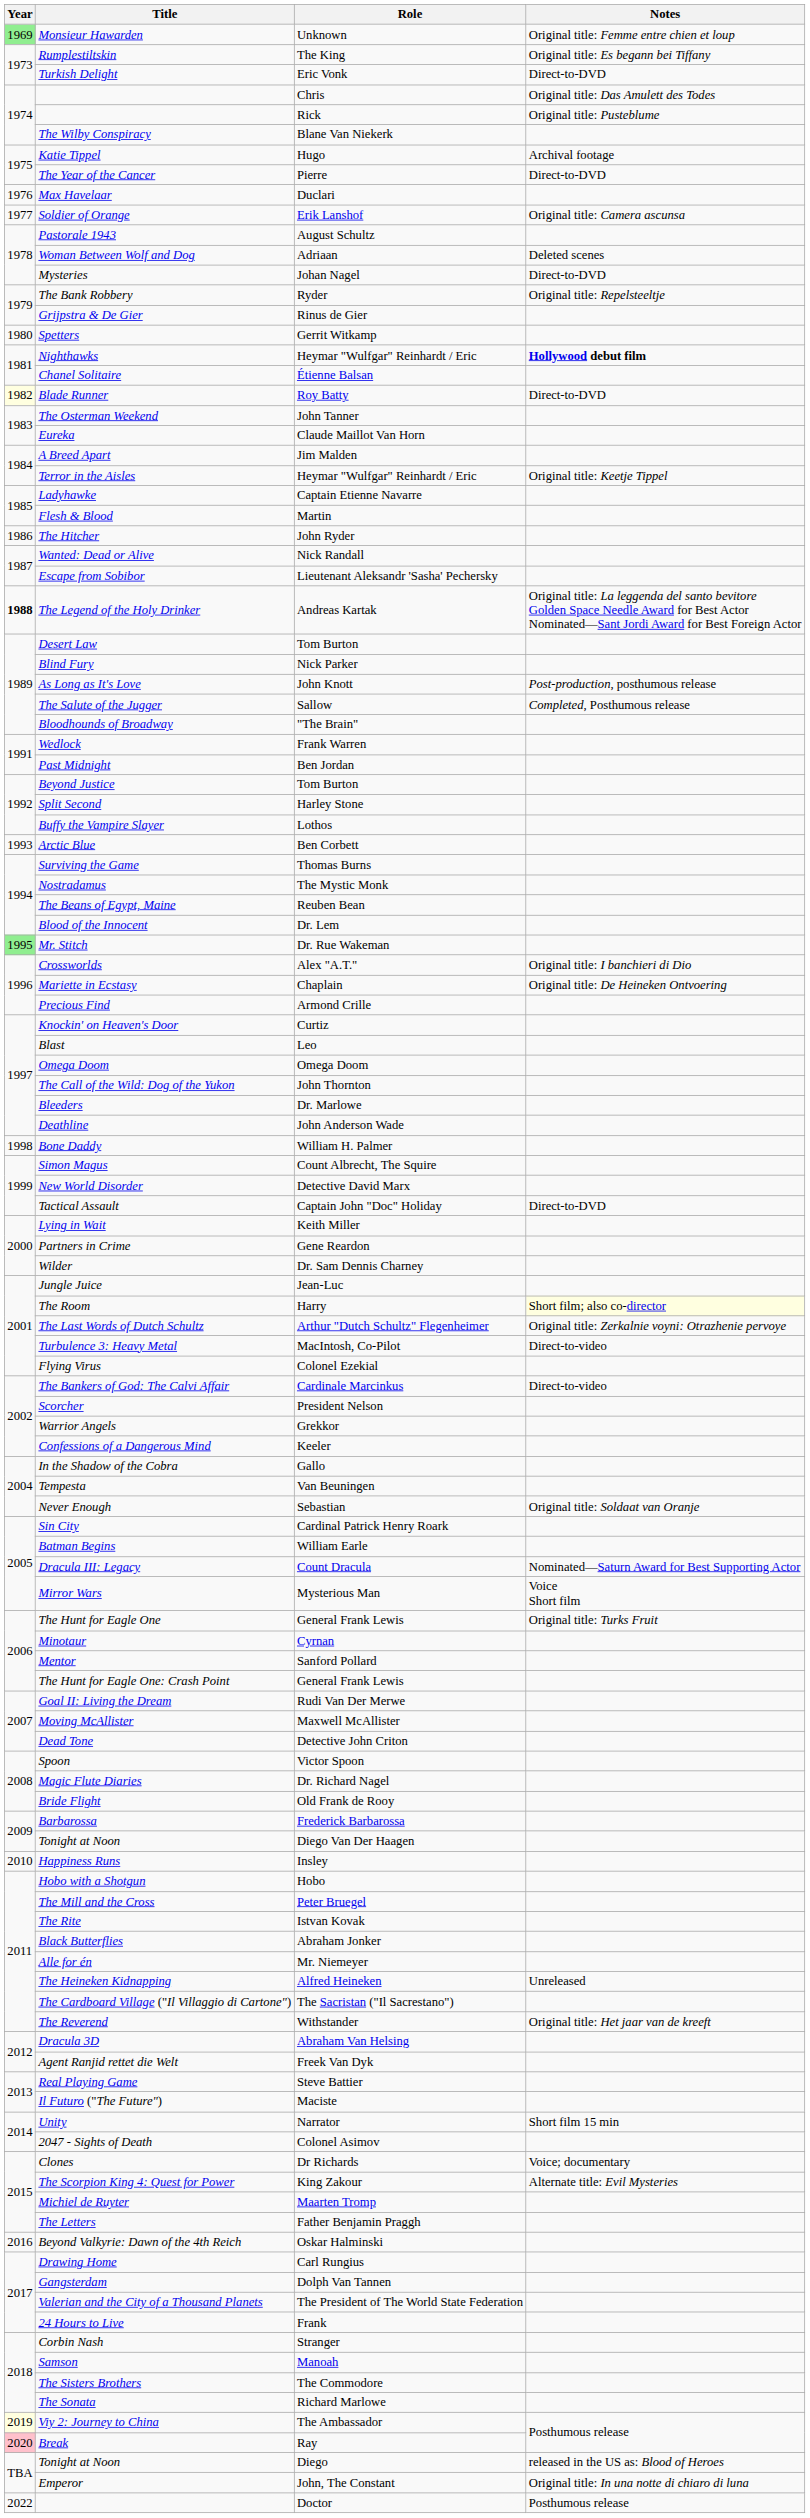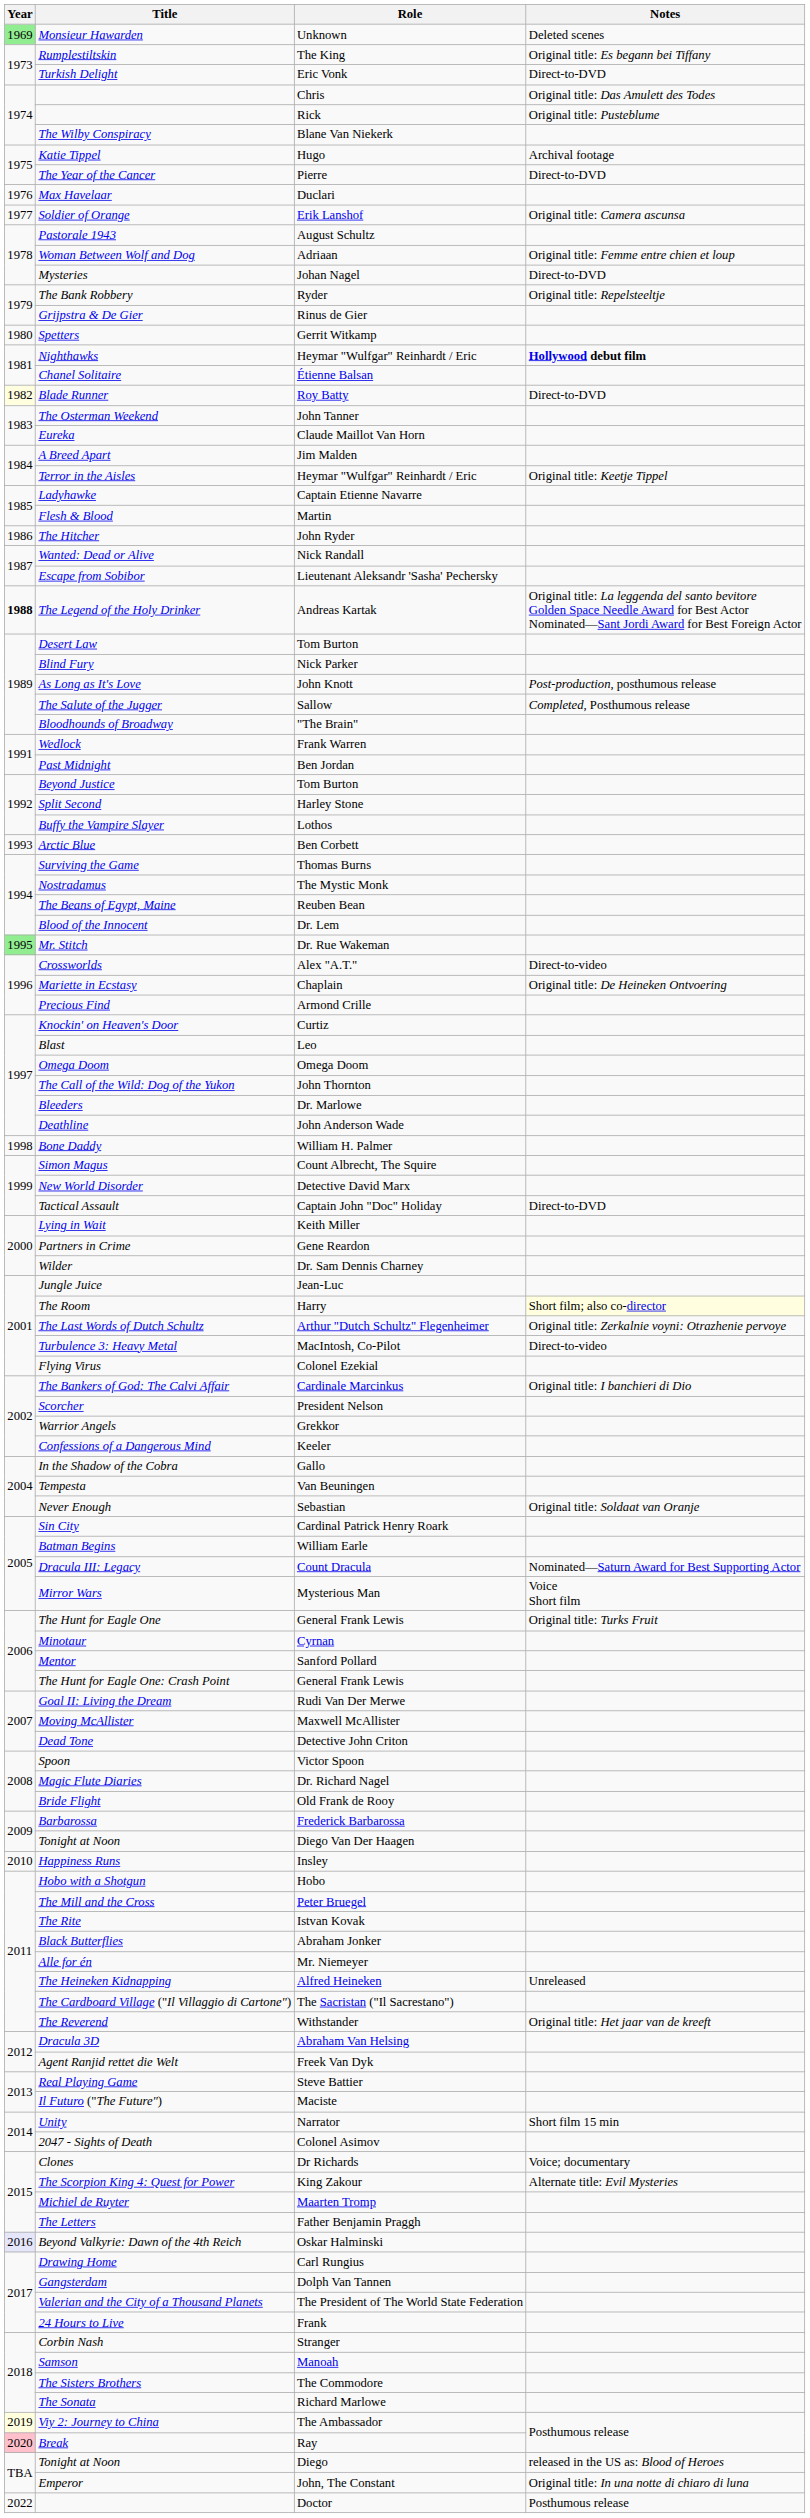 <table class="wikitable sortable">
 <tr>
 <th>Year</th>
 <th>Title</th>
 <th>Role</th>
 <th>Notes</th>
 </tr>
 <tr>
 <td style="background: lightgreen;">1969</td>
 <td><em><a href='#'>Monsieur Hawarden</a></em></td>
 <td>Unknown</td>
-<td>Original title: <em>Femme entre chien et loup</em></td>
+<td>Deleted scenes</td>
 </tr>
 <tr>
 <td rowspan="2">1973</td>
 <td><em><a href='#'>Rumplestiltskin</a></em></td>
 <td>The King</td>
 <td>Original title: <em>Es begann bei Tiffany</em></td>
 </tr>
 <tr>
 <td><em><a href='#'>Turkish Delight</a></em></td>
 <td>Eric Vonk</td>
 <td>Direct-to-DVD</td>
 </tr>
 <tr>
 <td rowspan="3">1974</td>
 <td><em></em></td>
 <td>Chris</td>
 <td>Original title: <em>Das Amulett des Todes</em></td>
 </tr>
 <tr>
 <td><em></em></td>
 <td>Rick</td>
 <td>Original title: <em>Pusteblume</em></td>
 </tr>
 <tr>
 <td><em><a href='#'>The Wilby Conspiracy</a></em></td>
 <td>Blane Van Niekerk</td>
 <td></td>
 </tr>
 <tr>
 <td rowspan="2">1975</td>
 <td><em><a href='#'>Katie Tippel</a></em></td>
 <td>Hugo</td>
 <td>Archival footage</td>
 </tr>
 <tr>
 <td><em><a href='#'>The Year of the Cancer</a></em></td>
 <td>Pierre</td>
 <td>Direct-to-DVD</td>
 </tr>
 <tr>
 <td>1976</td>
 <td><em><a href='#'>Max Havelaar</a></em></td>
 <td>Duclari</td>
 <td></td>
 </tr>
 <tr>
 <td>1977</td>
 <td><em><a href='#'>Soldier of Orange</a></em></td>
 <td><a href='#'>Erik Lanshof</a></td>
 <td>Original title: <em>Camera ascunsa</em></td>
 </tr>
 <tr>
 <td rowspan="3">1978</td>
 <td><em><a href='#'>Pastorale 1943</a></em></td>
 <td>August Schultz</td>
 <td></td>
 </tr>
 <tr>
 <td><em><a href='#'>Woman Between Wolf and Dog</a></em></td>
 <td>Adriaan</td>
-<td>Deleted scenes</td>
+<td>Original title: <em>Femme entre chien et loup</em></td>
 </tr>
 <tr>
 <td><em>Mysteries</em></td>
 <td>Johan Nagel</td>
 <td>Direct-to-DVD</td>
 </tr>
 <tr>
 <td rowspan="2">1979</td>
 <td><em>The Bank Robbery</em></td>
 <td>Ryder</td>
 <td>Original title: <em>Repelsteeltje</em></td>
 </tr>
 <tr>
 <td><em><a href='#'>Grijpstra & De Gier</a></em></td>
 <td>Rinus de Gier</td>
 <td></td>
 </tr>
 <tr>
 <td>1980</td>
 <td><em><a href='#'>Spetters</a></em></td>
 <td>Gerrit Witkamp</td>
 <td></td>
 </tr>
 <tr>
 <td rowspan="2">1981</td>
 <td><em><a href='#'>Nighthawks</a></em></td>
 <td>Heymar "Wulfgar" Reinhardt / Eric</td>
 <td><strong><a href='#'>Hollywood</a> debut film</strong></td>
 </tr>
 <tr>
 <td><em><a href='#'>Chanel Solitaire</a></em></td>
 <td><a href='#'>Étienne Balsan</a></td>
 <td></td>
 </tr>
 <tr>
 <td style="background: lightyellow;">1982</td>
 <td><em><a href='#'>Blade Runner</a></em></td>
 <td><a href='#'>Roy Batty</a></td>
 <td>Direct-to-DVD</td>
 </tr>
 <tr>
 <td rowspan="2">1983</td>
 <td><em><a href='#'>The Osterman Weekend</a></em></td>
 <td>John Tanner</td>
 <td></td>
 </tr>
 <tr>
 <td><em><a href='#'>Eureka</a></em></td>
 <td>Claude Maillot Van Horn</td>
 <td></td>
 </tr>
 <tr>
 <td rowspan="2">1984</td>
 <td><em><a href='#'>A Breed Apart</a></em></td>
 <td>Jim Malden</td>
 <td></td>
 </tr>
 <tr>
 <td><em><a href='#'>Terror in the Aisles</a></em></td>
 <td>Heymar "Wulfgar" Reinhardt / Eric</td>
 <td>Original title: <em>Keetje Tippel</em></td>
 </tr>
 <tr>
 <td rowspan="2">1985</td>
 <td><em><a href='#'>Ladyhawke</a></em></td>
 <td>Captain Etienne Navarre</td>
 <td></td>
 </tr>
 <tr>
 <td><em><a href='#'>Flesh & Blood</a></em></td>
 <td>Martin</td>
 <td></td>
 </tr>
 <tr>
 <td>1986</td>
 <td><em><a href='#'>The Hitcher</a></em></td>
 <td>John Ryder</td>
 <td></td>
 </tr>
 <tr>
 <td rowspan="2">1987</td>
 <td><em><a href='#'>Wanted: Dead or Alive</a></em></td>
 <td>Nick Randall</td>
 <td></td>
 </tr>
 <tr>
 <td><em><a href='#'>Escape from Sobibor</a></em></td>
 <td>Lieutenant Aleksandr 'Sasha' Pechersky</td>
 <td></td>
 </tr>
 <tr>
 <td><strong>1988</strong></td>
 <td><em><a href='#'>The Legend of the Holy Drinker</a></em></td>
 <td>Andreas Kartak</td>
 <td>Original title: <em>La leggenda del santo bevitore</em><br><a href='#'>Golden Space Needle Award</a> for Best Actor<br>Nominated—<a href='#'>Sant Jordi Award</a> for Best Foreign Actor</td>
 </tr>
 <tr>
 <td rowspan="5">1989</td>
 <td><em><a href='#'>Desert Law</a></em></td>
 <td>Tom Burton</td>
 <td></td>
 </tr>
 <tr>
 <td><em><a href='#'>Blind Fury</a></em></td>
 <td>Nick Parker</td>
 <td></td>
 </tr>
 <tr>
 <td><em><a href='#'>As Long as It's Love</a></em></td>
 <td>John Knott</td>
 <td><em>Post-production</em>, posthumous release</td>
 </tr>
 <tr>
 <td><em><a href='#'>The Salute of the Jugger</a></em></td>
 <td>Sallow</td>
 <td><em>Completed</em>, Posthumous release</td>
 </tr>
 <tr>
 <td><em><a href='#'>Bloodhounds of Broadway</a></em></td>
 <td>"The Brain"</td>
 <td></td>
 </tr>
 <tr>
 <td rowspan="2">1991</td>
 <td><em><a href='#'>Wedlock</a></em></td>
 <td>Frank Warren</td>
 <td></td>
 </tr>
 <tr>
 <td><em><a href='#'>Past Midnight</a></em></td>
 <td>Ben Jordan</td>
 <td></td>
 </tr>
 <tr>
 <td rowspan="3">1992</td>
 <td><em><a href='#'>Beyond Justice</a></em></td>
 <td>Tom Burton</td>
 <td></td>
 </tr>
 <tr>
 <td><em><a href='#'>Split Second</a></em></td>
 <td>Harley Stone</td>
 <td></td>
 </tr>
 <tr>
 <td><em><a href='#'>Buffy the Vampire Slayer</a></em></td>
 <td>Lothos</td>
 <td></td>
 </tr>
 <tr>
 <td>1993</td>
 <td><em><a href='#'>Arctic Blue</a></em></td>
 <td>Ben Corbett</td>
 <td></td>
 </tr>
 <tr>
 <td rowspan="4">1994</td>
 <td><em><a href='#'>Surviving the Game</a></em></td>
 <td>Thomas Burns</td>
 <td></td>
 </tr>
 <tr>
 <td><em><a href='#'>Nostradamus</a></em></td>
 <td>The Mystic Monk</td>
 <td></td>
 </tr>
 <tr>
 <td><em><a href='#'>The Beans of Egypt, Maine</a></em></td>
 <td>Reuben Bean</td>
 <td></td>
 </tr>
 <tr>
 <td><em><a href='#'>Blood of the Innocent</a></em></td>
 <td>Dr. Lem</td>
 <td></td>
 </tr>
 <tr>
 <td style="background: lightgreen;">1995</td>
 <td><em><a href='#'>Mr. Stitch</a></em></td>
 <td>Dr. Rue Wakeman</td>
 <td></td>
 </tr>
 <tr>
 <td rowspan="3">1996</td>
 <td><em><a href='#'>Crossworlds</a></em></td>
 <td>Alex "A.T."</td>
-<td>Original title: <em>I banchieri di Dio</em></td>
+<td>Direct-to-video</td>
 </tr>
 <tr>
 <td><em><a href='#'>Mariette in Ecstasy</a></em></td>
 <td>Chaplain</td>
 <td>Original title: <em>De Heineken Ontvoering</em></td>
 </tr>
 <tr>
 <td><em><a href='#'>Precious Find</a></em></td>
 <td>Armond Crille</td>
 <td></td>
 </tr>
 <tr>
 <td rowspan="6">1997</td>
 <td><em><a href='#'>Knockin' on Heaven's Door</a></em></td>
 <td>Curtiz</td>
 <td></td>
 </tr>
 <tr>
 <td><em>Blast</em></td>
 <td>Leo</td>
 <td></td>
 </tr>
 <tr>
 <td><em><a href='#'>Omega Doom</a></em></td>
 <td>Omega Doom</td>
 <td></td>
 </tr>
 <tr>
 <td><em><a href='#'>The Call of the Wild: Dog of the Yukon</a></em></td>
 <td>John Thornton</td>
 <td></td>
 </tr>
 <tr>
 <td><em><a href='#'>Bleeders</a></em></td>
 <td>Dr. Marlowe</td>
 <td></td>
 </tr>
 <tr>
 <td><em><a href='#'>Deathline</a></em></td>
 <td>John Anderson Wade</td>
 <td></td>
 </tr>
 <tr>
 <td>1998</td>
 <td><em><a href='#'>Bone Daddy</a></em></td>
 <td>William H. Palmer</td>
 <td></td>
 </tr>
 <tr>
 <td rowspan="3">1999</td>
 <td><em><a href='#'>Simon Magus</a></em></td>
 <td>Count Albrecht, The Squire</td>
 <td></td>
 </tr>
 <tr>
 <td><em><a href='#'>New World Disorder</a></em></td>
 <td>Detective David Marx</td>
 <td></td>
 </tr>
 <tr>
 <td><em>Tactical Assault</em></td>
 <td>Captain John "Doc" Holiday</td>
 <td>Direct-to-DVD</td>
 </tr>
 <tr>
 <td rowspan="3">2000</td>
 <td><em><a href='#'>Lying in Wait</a></em></td>
 <td>Keith Miller</td>
 <td></td>
 </tr>
 <tr>
 <td><em>Partners in Crime</em></td>
 <td>Gene Reardon</td>
 <td></td>
 </tr>
 <tr>
 <td><em>Wilder</em></td>
 <td>Dr. Sam Dennis Charney</td>
 <td></td>
 </tr>
 <tr>
 <td rowspan="5">2001</td>
 <td><em>Jungle Juice</em></td>
 <td>Jean-Luc</td>
 <td></td>
 </tr>
 <tr>
 <td><em>The Room</em></td>
 <td>Harry</td>
 <td style="background: lightyellow;">Short film; also co-<a href='#'>director</a></td>
 </tr>
 <tr>
 <td><em><a href='#'>The Last Words of Dutch Schultz</a></em></td>
 <td><a href='#'>Arthur "Dutch Schultz" Flegenheimer</a></td>
 <td>Original title: <em>Zerkalnie voyni: Otrazhenie pervoye</em></td>
 </tr>
 <tr>
 <td><em><a href='#'>Turbulence 3: Heavy Metal</a></em></td>
 <td>MacIntosh, Co-Pilot</td>
 <td>Direct-to-video</td>
 </tr>
 <tr>
 <td><em>Flying Virus</em></td>
 <td>Colonel Ezekial</td>
 <td></td>
 </tr>
 <tr>
 <td rowspan="4">2002</td>
 <td><em><a href='#'>The Bankers of God: The Calvi Affair</a></em></td>
 <td><a href='#'>Cardinale Marcinkus</a></td>
-<td>Direct-to-video</td>
+<td>Original title: <em>I banchieri di Dio</em></td>
 </tr>
 <tr>
 <td><em><a href='#'>Scorcher</a></em></td>
 <td>President Nelson</td>
 <td></td>
 </tr>
 <tr>
 <td><em>Warrior Angels</em></td>
 <td>Grekkor</td>
 <td></td>
 </tr>
 <tr>
 <td><em><a href='#'>Confessions of a Dangerous Mind</a></em></td>
 <td>Keeler</td>
 <td></td>
 </tr>
 <tr>
 <td rowspan="3">2004</td>
 <td><em>In the Shadow of the Cobra</em></td>
 <td>Gallo</td>
 <td></td>
 </tr>
 <tr>
 <td><em>Tempesta</em></td>
 <td>Van Beuningen</td>
 <td></td>
 </tr>
 <tr>
 <td><em>Never Enough</em></td>
 <td>Sebastian</td>
 <td>Original title: <em>Soldaat van Oranje</em></td>
 </tr>
 <tr>
 <td rowspan="4">2005</td>
 <td><em><a href='#'>Sin City</a></em></td>
 <td>Cardinal Patrick Henry Roark</td>
 <td></td>
 </tr>
 <tr>
 <td><em><a href='#'>Batman Begins</a></em></td>
 <td>William Earle</td>
 <td></td>
 </tr>
 <tr>
 <td><em><a href='#'>Dracula III: Legacy</a></em></td>
 <td><a href='#'>Count Dracula</a></td>
 <td>Nominated—<a href='#'>Saturn Award for Best Supporting Actor</a></td>
 </tr>
 <tr>
 <td><em><a href='#'>Mirror Wars</a></em></td>
 <td>Mysterious Man</td>
 <td>Voice<br>Short film</td>
 </tr>
 <tr>
 <td rowspan="4">2006</td>
 <td><em>The Hunt for Eagle One</em></td>
 <td>General Frank Lewis</td>
 <td>Original title: <em>Turks Fruit</em></td>
 </tr>
 <tr>
 <td><em><a href='#'>Minotaur</a></em></td>
 <td><a href='#'>Cyrnan</a></td>
 <td></td>
 </tr>
 <tr>
 <td><em><a href='#'>Mentor</a></em></td>
 <td>Sanford Pollard</td>
 <td></td>
 </tr>
 <tr>
 <td><em>The Hunt for Eagle One: Crash Point</em></td>
 <td>General Frank Lewis</td>
 <td></td>
 </tr>
 <tr>
 <td rowspan="3">2007</td>
 <td><em><a href='#'>Goal II: Living the Dream</a></em></td>
 <td>Rudi Van Der Merwe</td>
 <td></td>
 </tr>
 <tr>
 <td><em><a href='#'>Moving McAllister</a></em></td>
 <td>Maxwell McAllister</td>
 <td></td>
 </tr>
 <tr>
 <td><em><a href='#'>Dead Tone</a></em></td>
 <td>Detective John Criton</td>
 <td></td>
 </tr>
 <tr>
 <td rowspan="3">2008</td>
 <td><em>Spoon</em></td>
 <td>Victor Spoon</td>
 <td></td>
 </tr>
 <tr>
 <td><em><a href='#'>Magic Flute Diaries</a></em></td>
 <td>Dr. Richard Nagel</td>
 <td></td>
 </tr>
 <tr>
 <td><em><a href='#'>Bride Flight</a></em></td>
 <td>Old Frank de Rooy</td>
 <td></td>
 </tr>
 <tr>
 <td rowspan="2">2009</td>
 <td><em><a href='#'>Barbarossa</a></em></td>
 <td><a href='#'>Frederick Barbarossa</a></td>
 <td></td>
 </tr>
 <tr>
 <td><em>Tonight at Noon</em></td>
 <td>Diego Van Der Haagen</td>
 <td></td>
 </tr>
 <tr>
 <td>2010</td>
 <td><em><a href='#'>Happiness Runs</a></em></td>
 <td>Insley</td>
 <td></td>
 </tr>
 <tr>
 <td rowspan="8">2011</td>
 <td><em><a href='#'>Hobo with a Shotgun</a></em></td>
 <td>Hobo</td>
 <td></td>
 </tr>
 <tr>
 <td><em><a href='#'>The Mill and the Cross</a></em></td>
 <td><a href='#'>Peter Bruegel</a></td>
 <td></td>
 </tr>
 <tr>
 <td><em><a href='#'>The Rite</a></em></td>
 <td>Istvan Kovak</td>
 <td></td>
 </tr>
 <tr>
 <td><em><a href='#'>Black Butterflies</a></em></td>
 <td>Abraham Jonker</td>
 <td></td>
 </tr>
 <tr>
 <td><em><a href='#'>Alle for én</a></em></td>
 <td>Mr. Niemeyer</td>
 <td></td>
 </tr>
 <tr>
 <td><em><a href='#'>The Heineken Kidnapping</a></em></td>
 <td><a href='#'>Alfred Heineken</a></td>
 <td>Unreleased</td>
 </tr>
 <tr>
 <td><em><a href='#'>The Cardboard Village</a></em> ("<em>Il Villaggio di Cartone"</em>)</td>
 <td>The <a href='#'>Sacristan</a> ("Il Sacrestano")</td>
 <td></td>
 </tr>
 <tr>
 <td><em><a href='#'>The Reverend</a></em></td>
 <td>Withstander</td>
 <td>Original title: <em>Het jaar van de kreeft</em></td>
 </tr>
 <tr>
 <td rowspan="2">2012</td>
 <td><em><a href='#'>Dracula 3D</a></em></td>
 <td><a href='#'>Abraham Van Helsing</a></td>
 <td></td>
 </tr>
 <tr>
 <td><em>Agent Ranjid rettet die Welt</em></td>
 <td>Freek Van Dyk</td>
 <td></td>
 </tr>
 <tr>
 <td rowspan="2">2013</td>
 <td><em><a href='#'>Real Playing Game</a></em></td>
 <td>Steve Battier</td>
 <td></td>
 </tr>
 <tr>
 <td><em><a href='#'>Il Futuro</a></em> ("<em>The Future"</em>)</td>
 <td>Maciste</td>
 </tr>
 <tr>
 <td rowspan="2">2014</td>
 <td><em><a href='#'>Unity</a></em></td>
 <td>Narrator</td>
 <td>Short film 15 min</td>
 </tr>
 <tr>
 <td><em>2047 - Sights of Death</em></td>
 <td>Colonel Asimov</td>
 </tr>
 <tr>
 <td rowspan="4">2015</td>
 <td><em>Clones</em></td>
 <td>Dr Richards</td>
 <td>Voice; documentary</td>
 </tr>
 <tr>
 <td><em><a href='#'>The Scorpion King 4: Quest for Power</a></em></td>
 <td>King Zakour</td>
 <td>Alternate title: <em>Evil Mysteries</em></td>
 </tr>
 <tr>
 <td><em><a href='#'>Michiel de Ruyter</a></em></td>
 <td><a href='#'>Maarten Tromp</a></td>
 <td></td>
 </tr>
 <tr>
 <td><em><a href='#'>The Letters</a></em></td>
 <td>Father Benjamin Praggh</td>
 <td></td>
 </tr>
 <tr>
-<td>2016</td>
+<td style="background: lavender;">2016</td>
 <td><em>Beyond Valkyrie: Dawn of the 4th Reich</em></td>
 <td>Oskar Halminski</td>
 <td></td>
 </tr>
 <tr>
 <td rowspan="4">2017</td>
 <td><em><a href='#'>Drawing Home</a></em></td>
 <td>Carl Rungius</td>
 <td></td>
 </tr>
 <tr>
 <td><em><a href='#'>Gangsterdam</a></em></td>
 <td>Dolph Van Tannen</td>
 <td></td>
 </tr>
 <tr>
 <td><em><a href='#'>Valerian and the City of a Thousand Planets</a></em></td>
 <td>The President of The World State Federation</td>
 <td></td>
 </tr>
 <tr>
 <td><em><a href='#'>24 Hours to Live</a></em></td>
 <td>Frank</td>
 <td></td>
 </tr>
 <tr>
 <td rowspan="4">2018</td>
 <td><em>Corbin Nash</em></td>
 <td>Stranger</td>
 <td></td>
 </tr>
 <tr>
 <td><em><a href='#'>Samson</a></em></td>
 <td><a href='#'>Manoah</a></td>
 <td></td>
 </tr>
 <tr>
 <td><em><a href='#'>The Sisters Brothers</a></em></td>
 <td>The Commodore</td>
 <td></td>
 </tr>
 <tr>
 <td><em><a href='#'>The Sonata</a></em></td>
 <td>Richard Marlowe</td>
 <td></td>
 </tr>
 <tr>
 <td style="background: lightyellow;">2019</td>
 <td><em><a href='#'>Viy 2: Journey to China</a></em></td>
 <td>The Ambassador</td>
 <td rowspan="2">Posthumous release</td>
 </tr>
 <tr>
 <td style="background: pink;">2020</td>
 <td><em><a href='#'>Break</a></em></td>
 <td>Ray</td>
 </tr>
 <tr>
 <td rowspan="2">TBA</td>
 <td><em>Tonight at Noon</em></td>
 <td>Diego</td>
 <td>released in the US as: <em>Blood of Heroes</em></td>
 </tr>
 <tr>
 <td><em>Emperor</em></td>
 <td>John, The Constant</td>
 <td>Original title: <em>In una notte di chiaro di luna</em></td>
 </tr>
 <tr>
 <td>2022</td>
 <td></td>
 <td>Doctor</td>
 <td>Posthumous release</td>
 </tr>
 </table>
